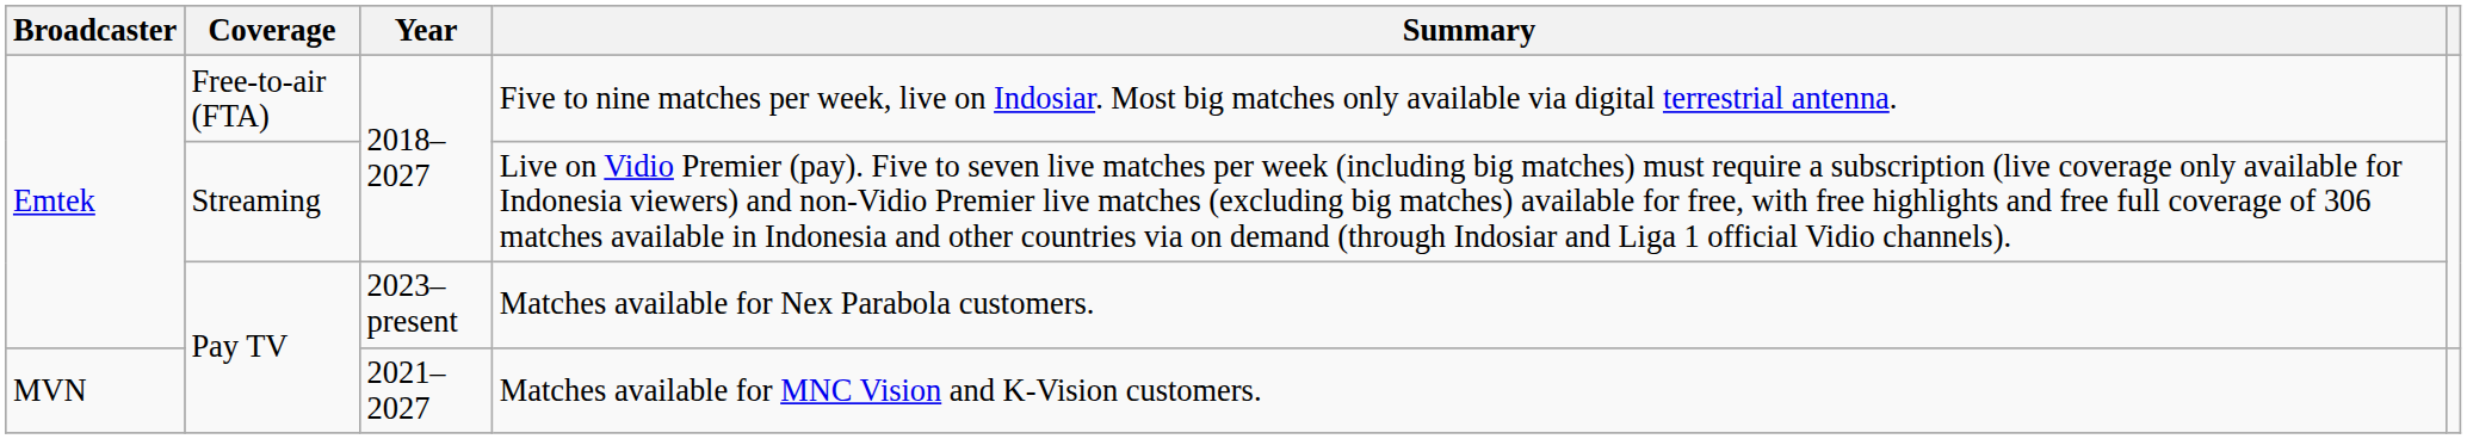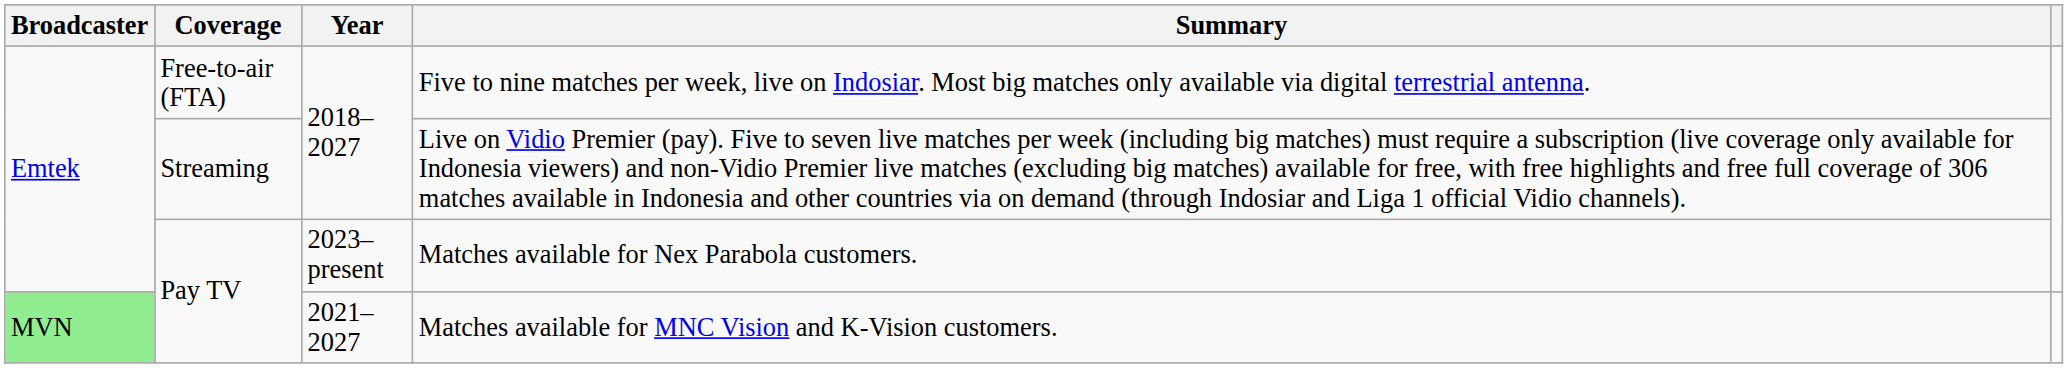 <table class="wikitable">
 <tr>
 <th>Broadcaster</th>
 <th>Coverage</th>
 <th>Year</th>
 <th>Summary</th>
 <th></th>
 </tr>
 <tr>
 <td rowspan="3"> <a href='#'>Emtek</a></td>
 <td>Free-to-air (FTA)</td>
 <td rowspan="2">2018–2027</td>
 <td>Five to nine matches per week, live on <a href='#'>Indosiar</a>. Most big matches only available via digital <a href='#'>terrestrial antenna</a>.</td>
 <td rowspan="3"></td>
 </tr>
 <tr>
 <td>Streaming</td>
 <td>Live on <a href='#'>Vidio</a> Premier (pay). Five to seven live matches per week (including big matches) must require a subscription (live coverage only available for Indonesia viewers) and non-Vidio Premier live matches (excluding big matches) available for free, with free highlights and free full coverage of 306 matches available in Indonesia and other countries via on demand (through Indosiar and Liga 1 official Vidio channels).</td>
 </tr>
 <tr>
 <td rowspan="2">Pay TV</td>
 <td>2023–present</td>
 <td>Matches available for Nex Parabola customers.</td>
 </tr>
 <tr>
-<td> MVN</td>
+<td style="background: lightgreen;"> MVN</td>
 <td>2021–2027</td>
 <td>Matches available for <a href='#'>MNC Vision</a> and K-Vision customers.</td>
 <td></td>
 </tr>
 </table>
